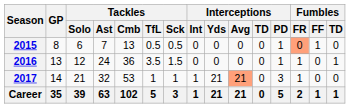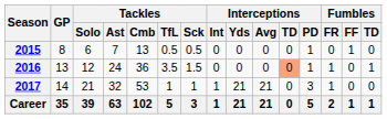 <table class="wikitable" style="text-align: center;">
 <tr>
 <th rowspan="2">Season</th>
 <th rowspan="2">GP</th>
 <th colspan="5">Tackles</th>
 <th colspan="5">Interceptions</th>
 <th colspan="3">Fumbles</th>
 </tr>
 <tr>
 <th>Solo</th>
 <th>Ast</th>
 <th>Cmb</th>
 <th>TfL</th>
 <th>Sck</th>
 <th>Int</th>
 <th>Yds</th>
 <th>Avg</th>
 <th>TD</th>
 <th>PD</th>
 <th>FR</th>
 <th>FF</th>
 <th>TD</th>
 </tr>
 <tr>
 <th><a href='#'>2015</a></th>
 <td>8</td>
 <td>6</td>
 <td>7</td>
 <td>13</td>
 <td>0.5</td>
 <td>0.5</td>
 <td>0</td>
 <td>0</td>
 <td>0</td>
 <td>0</td>
 <td>1</td>
-<td style="background: lightsalmon;">0</td>
+<td>0</td>
 <td>1</td>
 <td>0</td>
 </tr>
 <tr>
 <th><a href='#'>2016</a></th>
 <td>13</td>
 <td>12</td>
 <td>24</td>
 <td>36</td>
 <td>3.5</td>
 <td>1.5</td>
 <td>0</td>
 <td>0</td>
 <td>0</td>
-<td>0</td>
+<td style="background: lightsalmon;">0</td>
 <td>1</td>
 <td>1</td>
 <td>0</td>
 <td>1</td>
 </tr>
 <tr>
 <th><a href='#'>2017</a></th>
 <td>14</td>
 <td>21</td>
 <td>32</td>
 <td>53</td>
 <td>1</td>
 <td>1</td>
 <td>1</td>
 <td>21</td>
-<td style="background: lightsalmon;">21</td>
+<td>21</td>
 <td>0</td>
 <td>3</td>
 <td>1</td>
 <td>0</td>
 <td>0</td>
 </tr>
 <tr>
 <th>Career</th>
 <th>35</th>
 <th>39</th>
 <th>63</th>
 <th>102</th>
 <th>5</th>
 <th>3</th>
 <th>1</th>
 <th>21</th>
 <th>21</th>
 <th>0</th>
 <th>5</th>
 <th>2</th>
 <th>1</th>
 <th>1</th>
 </tr>
 </table>
